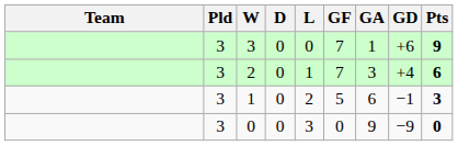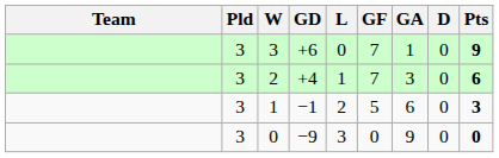 <table class="wikitable" style="text-align:center;">
 <tr>
 <th width=180>Team</th>
 <th width=20>Pld</th>
 <th width=20>W</th>
-<th width=20>D</th>
+<th width=20>GD</th>
 <th width=20>L</th>
 <th width=20>GF</th>
 <th width=20>GA</th>
-<th width=20>GD</th>
+<th width=20>D</th>
 <th width=20>Pts</th>
 </tr>
 <tr bgcolor=ccffcc>
 <td align="left"></td>
 <td>3</td>
 <td>3</td>
-<td>0</td>
+<td>+6</td>
 <td>0</td>
 <td>7</td>
 <td>1</td>
-<td>+6</td>
+<td>0</td>
 <td><strong>9</strong></td>
 </tr>
 <tr bgcolor=ccffcc>
 <td align="left"><em></em></td>
 <td>3</td>
 <td>2</td>
-<td>0</td>
+<td>+4</td>
 <td>1</td>
 <td>7</td>
 <td>3</td>
-<td>+4</td>
+<td>0</td>
 <td><strong>6</strong></td>
 </tr>
 <tr>
 <td align="left"></td>
 <td>3</td>
 <td>1</td>
-<td>0</td>
+<td>−1</td>
 <td>2</td>
 <td>5</td>
 <td>6</td>
-<td>−1</td>
+<td>0</td>
 <td><strong>3</strong></td>
 </tr>
 <tr>
 <td align="left"></td>
 <td>3</td>
 <td>0</td>
-<td>0</td>
+<td>−9</td>
 <td>3</td>
 <td>0</td>
 <td>9</td>
-<td>−9</td>
+<td>0</td>
 <td><strong>0</strong></td>
 </tr>
 </table>
